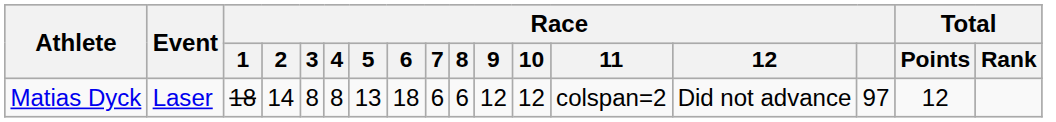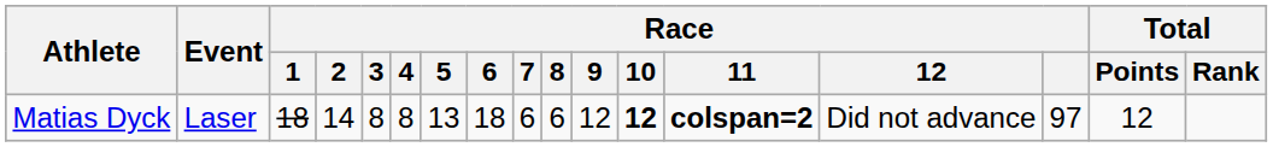 <table class=wikitable style=font-size:90%;text-align:center>
 <tr>
 <th rowspan=2>Athlete</th>
 <th rowspan=2>Event</th>
 <th colspan=13>Race</th>
 <th colspan=2>Total</th>
 </tr>
 <tr style=font-size:95%>
 <th>1</th>
 <th>2</th>
 <th>3</th>
 <th>4</th>
 <th>5</th>
 <th>6</th>
 <th>7</th>
 <th>8</th>
 <th>9</th>
 <th>10</th>
 <th>11</th>
 <th>12</th>
 <th></th>
 <th>Points</th>
 <th>Rank</th>
 </tr>
 <tr>
 <td align=left><a href='#'>Matias Dyck</a></td>
 <td align=left><a href='#'>Laser</a></td>
 <td><s>18</s></td>
 <td>14</td>
 <td>8</td>
 <td>8</td>
 <td>13</td>
 <td>18</td>
 <td>6</td>
 <td>6</td>
 <td>12</td>
-<td>12</td>
-<td>colspan=2 </td>
+<td><strong>12</strong></td>
+<td><strong>colspan=2 </strong></td>
 <td>Did not advance</td>
 <td>97</td>
 <td>12</td>
 </tr>
 </table>
